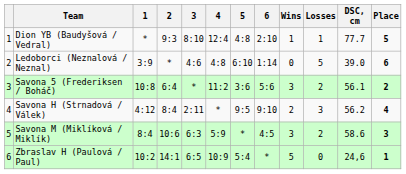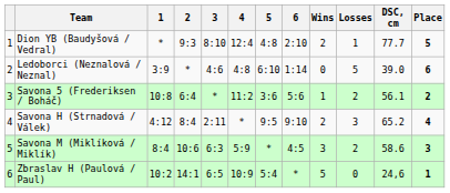 <table class="wikitable" style="text-align:center;">
 <tr>
 <th></th>
 <th>Team</th>
 <th width="25">1</th>
 <th width="25">2</th>
 <th width="25">3</th>
 <th width="25">4</th>
 <th width="25">5</th>
 <th width="25">6</th>
 <th width="20">Wins</th>
 <th width="20">Losses</th>
 <th>DSC, cm</th>
 <th>Place</th>
 </tr>
 <tr>
 <td>1</td>
 <td align=left>Dion YB (Baudyšová / Vedral)</td>
 <td>*</td>
 <td>9:3</td>
 <td>8:10</td>
 <td>12:4</td>
 <td>4:8</td>
 <td>2:10</td>
-<td>1</td>
+<td>2</td>
 <td>1</td>
 <td>77.7</td>
 <td><strong>5</strong></td>
 </tr>
 <tr>
 <td>2</td>
 <td align=left>Ledoborci (Neznalová / Neznal)</td>
 <td>3:9</td>
 <td>*</td>
 <td>4:6</td>
 <td>4:8</td>
 <td>6:10</td>
 <td>1:14</td>
 <td>0</td>
 <td>5</td>
 <td>39.0</td>
 <td><strong>6</strong></td>
 </tr>
 <tr bgcolor=#cfc>
 <td>3</td>
 <td align=left>Savona 5 (Frederiksen / Boháč)</td>
 <td>10:8</td>
 <td>6:4</td>
 <td>*</td>
 <td>11:2</td>
 <td>3:6</td>
 <td>5:6</td>
-<td>3</td>
+<td>1</td>
 <td>2</td>
 <td>56.1</td>
 <td><strong>2</strong></td>
 </tr>
 <tr>
 <td>4</td>
 <td align=left>Savona H (Strnadová / Válek)</td>
 <td>4:12</td>
 <td>8:4</td>
 <td>2:11</td>
 <td>*</td>
 <td>9:5</td>
 <td>9:10</td>
 <td>2</td>
 <td>3</td>
-<td>56.2</td>
+<td>65.2</td>
 <td><strong>4</strong></td>
 </tr>
 <tr bgcolor=#cfc>
 <td>5</td>
 <td align=left>Savona M (Miklíková / Miklík)</td>
 <td>8:4</td>
 <td>10:6</td>
 <td>6:3</td>
 <td>5:9</td>
 <td>*</td>
 <td>4:5</td>
 <td>3</td>
 <td>2</td>
 <td>58.6</td>
 <td><strong>3</strong></td>
 </tr>
 <tr bgcolor=#cfc>
 <td>6</td>
 <td align=left>Zbraslav H (Paulová / Paul)</td>
 <td>10:2</td>
 <td>14:1</td>
 <td>6:5</td>
 <td>10:9</td>
 <td>5:4</td>
 <td>*</td>
 <td>5</td>
 <td>0</td>
 <td>24,6</td>
 <td><strong>1</strong></td>
 </tr>
 </table>
